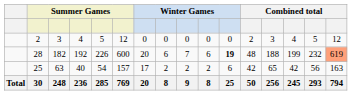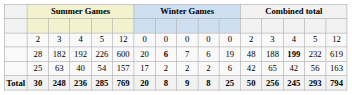 <table class="wikitable sortable" style="margin-top:0; text-align:center; font-size:90%;">
 <tr>
 <th></th>
 <th align="center" style="background-color:#f2f2ce;" colspan="5" ;>Summer Games</th>
 <th align="center" style="background-color:#cedff2;" colspan="5" ;>Winter Games</th>
 <th align="center" colspan="5" ;>Combined total</th>
 </tr>
 <tr>
 <th></th>
 <th style="background-color:#f2f2ce; width:2em;"><br></th>
 <th style="background-color:#f2f2ce; width:2em;"><br></th>
 <th style="background-color:#f2f2ce; width:2em;"><br></th>
 <th style="background-color:#f2f2ce; width:2em;"><br></th>
 <th style="background-color:#f2f2ce; width:2em;"><br></th>
 <th style="background-color:#cedff2; width:2em;"><br></th>
 <th style="background-color:#cedff2; width:2em;"><br></th>
 <th style="background-color:#cedff2; width:2em;"><br></th>
 <th style="background-color:#cedff2; width:2em;"><br></th>
 <th style="background-color:#cedff2; width:2em;"><br></th>
 <th style="width:2em;"><br></th>
 <th style="width:2em;"><br></th>
 <th style="width:2em;"><br></th>
 <th style="width:2em;"><br></th>
 <th style="width:2em;"><br></th>
 </tr>
 <tr>
 <td align=left></td>
 <td>2</td>
 <td>3</td>
 <td>4</td>
 <td>5</td>
 <td>12</td>
 <td>0</td>
 <td>0</td>
 <td>0</td>
 <td>0</td>
 <td>0</td>
 <td>2</td>
 <td>3</td>
 <td>4</td>
 <td>5</td>
 <td>12</td>
 </tr>
 <tr>
 <td align=left></td>
 <td>28</td>
 <td>182</td>
 <td>192</td>
 <td>226</td>
 <td>600</td>
 <td>20</td>
-<td>6</td>
+<td><strong>6</strong></td>
 <td>7</td>
 <td>6</td>
-<td><strong>19</strong></td>
+<td>19</td>
 <td>48</td>
 <td>188</td>
-<td>199</td>
+<td><strong>199</strong></td>
 <td>232</td>
-<td style="background: lightsalmon;">619</td>
+<td>619</td>
 </tr>
 <tr>
 <td align=left></td>
 <td>25</td>
 <td>63</td>
 <td>40</td>
 <td>54</td>
 <td>157</td>
 <td>17</td>
 <td>2</td>
 <td>2</td>
 <td>2</td>
 <td>6</td>
 <td>42</td>
 <td>65</td>
 <td>42</td>
 <td>56</td>
 <td>163</td>
 </tr>
 <tr>
 <th style="text-align: center;">Total</th>
 <th>30</th>
 <th>248</th>
 <th>236</th>
 <th>285</th>
 <th>769</th>
 <th>20</th>
 <th>8</th>
 <th>9</th>
 <th>8</th>
 <th>25</th>
 <th>50</th>
 <th>256</th>
 <th>245</th>
 <th>293</th>
 <th>794</th>
 </tr>
 </table>
